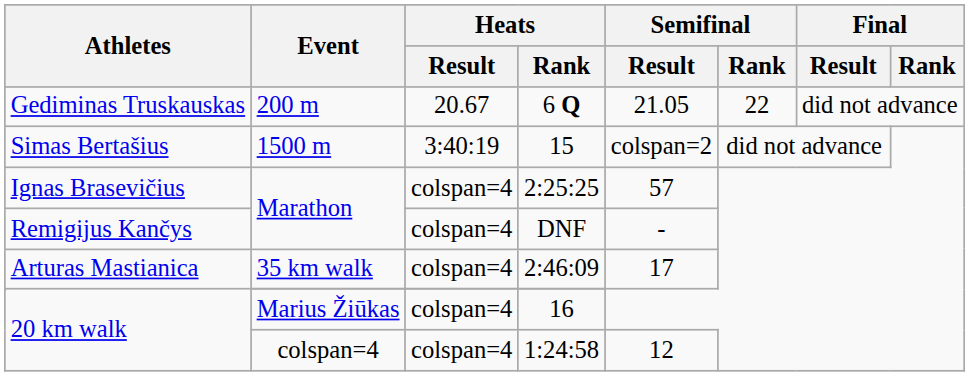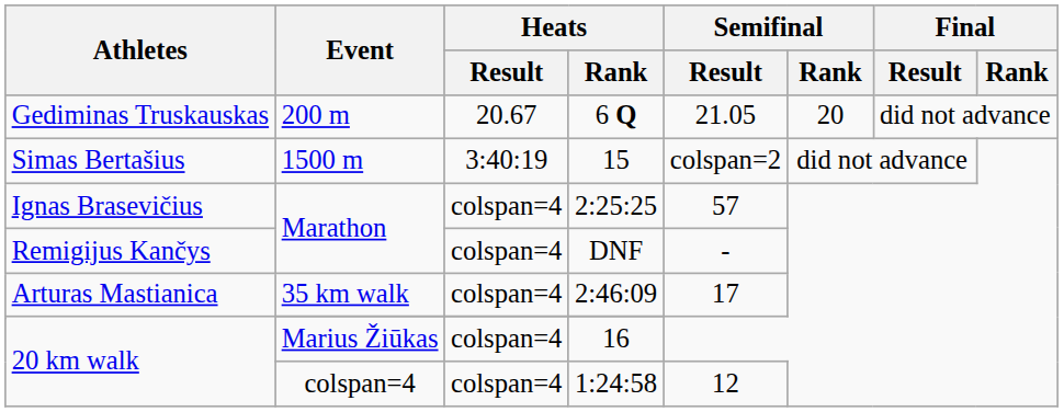 <table class="wikitable" border="1" style="font-size:90%">
 <tr>
 <th rowspan="2">Athletes</th>
 <th rowspan="2">Event</th>
 <th colspan="2">Heats</th>
 <th colspan="2">Semifinal</th>
 <th colspan="2">Final</th>
 </tr>
 <tr>
 <th>Result</th>
 <th>Rank</th>
 <th>Result</th>
 <th>Rank</th>
 <th>Result</th>
 <th>Rank</th>
 </tr>
 <tr align=center>
 <td align=left><a href='#'>Gediminas Truskauskas</a></td>
 <td align=left><a href='#'>200 m</a></td>
 <td>20.67</td>
 <td>6 <strong>Q</strong></td>
 <td>21.05</td>
-<td>22</td>
+<td>20</td>
 <td align=center colspan=2>did not advance</td>
 </tr>
 <tr align=center>
 <td align=left><a href='#'>Simas Bertašius</a></td>
 <td align=left><a href='#'>1500 m</a></td>
 <td>3:40:19</td>
 <td>15</td>
 <td>colspan=2 </td>
 <td align=center colspan=2>did not advance</td>
 </tr>
 <tr align=center>
 <td align=left><a href='#'>Ignas Brasevičius</a></td>
 <td align=left rowspan=2><a href='#'>Marathon</a></td>
 <td>colspan=4 </td>
 <td>2:25:25</td>
 <td>57</td>
 </tr>
 <tr align=center>
 <td align=left><a href='#'>Remigijus Kančys</a></td>
 <td>colspan=4 </td>
 <td>DNF</td>
 <td>-</td>
 </tr>
 <tr align=center>
 <td align=left rowspan=2><a href='#'>Arturas Mastianica</a></td>
 <td align=left><a href='#'>35 km walk</a></td>
 <td>colspan=4 </td>
 <td>2:46:09</td>
 <td>17</td>
 </tr>
 <tr>
 </tr>
 <tr align=center>
 <td align=left rowspan=2><a href='#'>20 km walk</a></td>
 <td align=left><a href='#'>Marius Žiūkas</a></td>
 <td>colspan=4 </td>
 <td>16</td>
 </tr>
 <tr align=center>
 <td>colspan=4 </td>
 <td>colspan=4 </td>
 <td>1:24:58</td>
 <td>12</td>
 </tr>
 </table>
